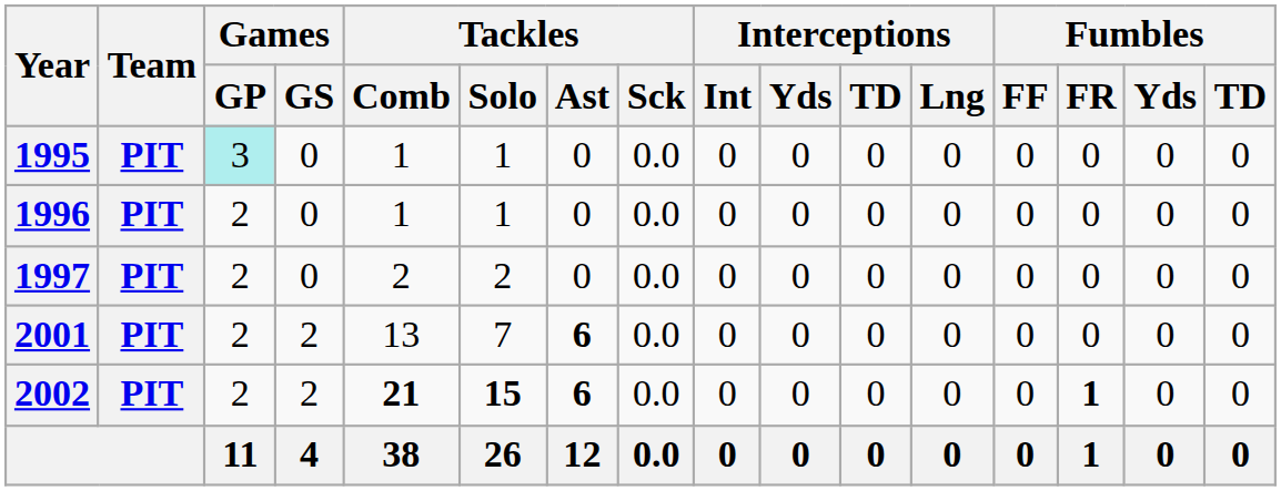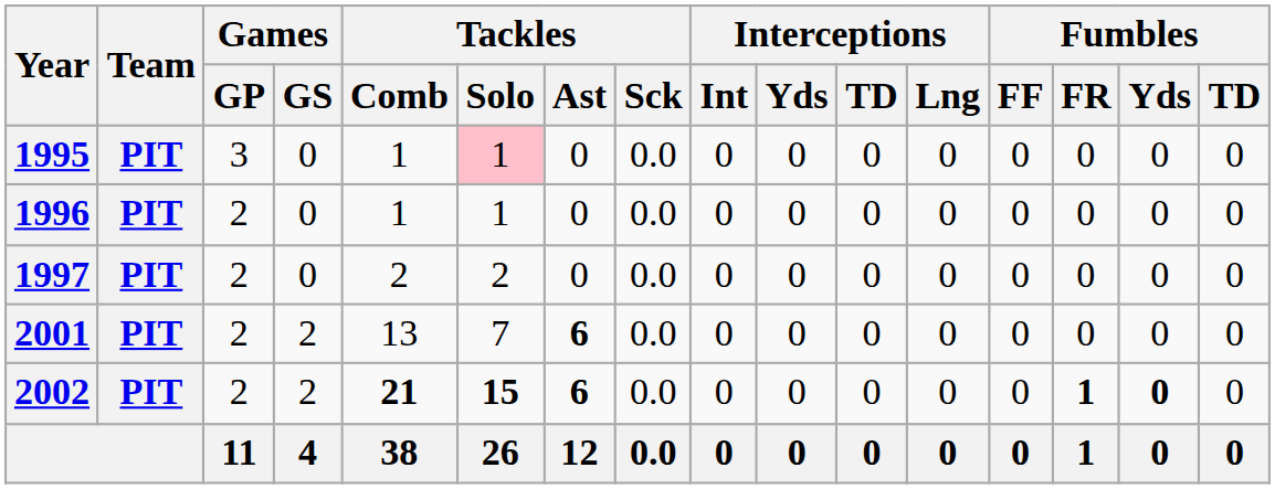 <table class="wikitable" style="text-align:center">
 <tr>
 <th rowspan="2">Year</th>
 <th rowspan="2">Team</th>
 <th colspan="2">Games</th>
 <th colspan="4">Tackles</th>
 <th colspan="4">Interceptions</th>
 <th colspan="4">Fumbles</th>
 </tr>
 <tr>
 <th>GP</th>
 <th>GS</th>
 <th>Comb</th>
 <th>Solo</th>
 <th>Ast</th>
 <th>Sck</th>
 <th>Int</th>
 <th>Yds</th>
 <th>TD</th>
 <th>Lng</th>
 <th>FF</th>
 <th>FR</th>
 <th>Yds</th>
 <th>TD</th>
 </tr>
 <tr>
 <th><a href='#'>1995</a></th>
 <th><a href='#'>PIT</a></th>
-<td style="background: paleturquoise;">3</td>
+<td>3</td>
 <td>0</td>
 <td>1</td>
-<td>1</td>
+<td style="background: pink;">1</td>
 <td>0</td>
 <td>0.0</td>
 <td>0</td>
 <td>0</td>
 <td>0</td>
 <td>0</td>
 <td>0</td>
 <td>0</td>
 <td>0</td>
 <td>0</td>
 </tr>
 <tr>
 <th><a href='#'>1996</a></th>
 <th><a href='#'>PIT</a></th>
 <td>2</td>
 <td>0</td>
 <td>1</td>
 <td>1</td>
 <td>0</td>
 <td>0.0</td>
 <td>0</td>
 <td>0</td>
 <td>0</td>
 <td>0</td>
 <td>0</td>
 <td>0</td>
 <td>0</td>
 <td>0</td>
 </tr>
 <tr>
 <th><a href='#'>1997</a></th>
 <th><a href='#'>PIT</a></th>
 <td>2</td>
 <td>0</td>
 <td>2</td>
 <td>2</td>
 <td>0</td>
 <td>0.0</td>
 <td>0</td>
 <td>0</td>
 <td>0</td>
 <td>0</td>
 <td>0</td>
 <td>0</td>
 <td>0</td>
 <td>0</td>
 </tr>
 <tr>
 <th><a href='#'>2001</a></th>
 <th><a href='#'>PIT</a></th>
 <td>2</td>
 <td>2</td>
 <td>13</td>
 <td>7</td>
 <td><strong>6</strong></td>
 <td>0.0</td>
 <td>0</td>
 <td>0</td>
 <td>0</td>
 <td>0</td>
 <td>0</td>
 <td>0</td>
 <td>0</td>
 <td>0</td>
 </tr>
 <tr>
 <th><a href='#'>2002</a></th>
 <th><a href='#'>PIT</a></th>
 <td>2</td>
 <td>2</td>
 <td><strong>21</strong></td>
 <td><strong>15</strong></td>
 <td><strong>6</strong></td>
 <td>0.0</td>
 <td>0</td>
 <td>0</td>
 <td>0</td>
 <td>0</td>
 <td>0</td>
 <td><strong>1</strong></td>
-<td>0</td>
+<td><strong>0</strong></td>
 <td>0</td>
 </tr>
 <tr>
 <th colspan="2"></th>
 <th>11</th>
 <th>4</th>
 <th>38</th>
 <th>26</th>
 <th>12</th>
 <th>0.0</th>
 <th>0</th>
 <th>0</th>
 <th>0</th>
 <th>0</th>
 <th>0</th>
 <th>1</th>
 <th>0</th>
 <th>0</th>
 </tr>
 </table>
